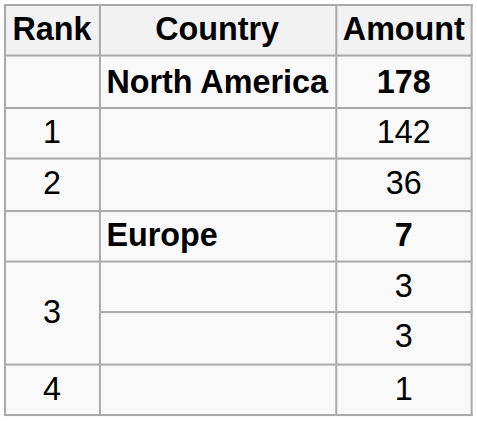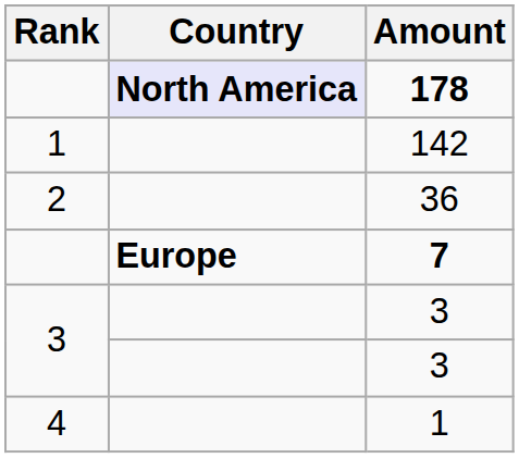 <table class="wikitable" style="text-align: center;">
 <tr>
 <th>Rank</th>
 <th>Country</th>
 <th>Amount</th>
 </tr>
 <tr>
 <td></td>
-<td style="text-align: left;"><strong>North America</strong></td>
+<td style="background: lavender; text-align: left;"><strong>North America</strong></td>
 <td><strong>178</strong></td>
 </tr>
 <tr>
 <td>1</td>
 <td style="text-align: left;"></td>
 <td>142</td>
 </tr>
 <tr>
 <td>2</td>
 <td style="text-align: left;"></td>
 <td>36</td>
 </tr>
 <tr>
 <td></td>
 <td style="text-align: left;"><strong>Europe</strong></td>
 <td><strong>7</strong></td>
 </tr>
 <tr>
 <td rowspan=2>3</td>
 <td style="text-align: left;"></td>
 <td>3</td>
 </tr>
 <tr>
 <td style="text-align: left;"></td>
 <td>3</td>
 </tr>
 <tr>
 <td>4</td>
 <td style="text-align: left;"></td>
 <td>1</td>
 </tr>
 </table>
